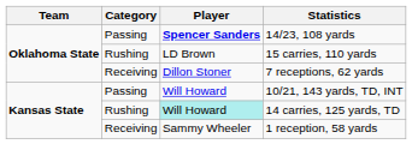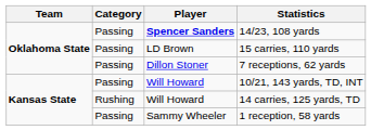 <table class="wikitable" style="float: right;">
 <tr>
 <th>Team</th>
 <th>Category</th>
 <th>Player</th>
 <th>Statistics</th>
 </tr>
 <tr>
 <td rowspan=3><strong>Oklahoma State</strong></td>
 <td>Passing</td>
 <td><strong><a href='#'>Spencer Sanders</a></strong></td>
 <td>14/23, 108 yards</td>
 </tr>
 <tr>
-<td>Rushing</td>
+<td>Passing</td>
 <td>LD Brown</td>
 <td>15 carries, 110 yards</td>
 </tr>
 <tr>
-<td>Receiving</td>
+<td>Passing</td>
 <td><a href='#'>Dillon Stoner</a></td>
 <td>7 receptions, 62 yards</td>
 </tr>
 <tr>
 <td rowspan=3><strong>Kansas State</strong></td>
 <td>Passing</td>
 <td><a href='#'>Will Howard</a></td>
 <td>10/21, 143 yards, TD, INT</td>
 </tr>
 <tr>
 <td>Rushing</td>
-<td style="background: paleturquoise;">Will Howard</td>
+<td>Will Howard</td>
 <td>14 carries, 125 yards, TD</td>
 </tr>
 <tr>
-<td>Receiving</td>
+<td>Passing</td>
 <td>Sammy Wheeler</td>
 <td>1 reception, 58 yards</td>
 </tr>
 </table>
